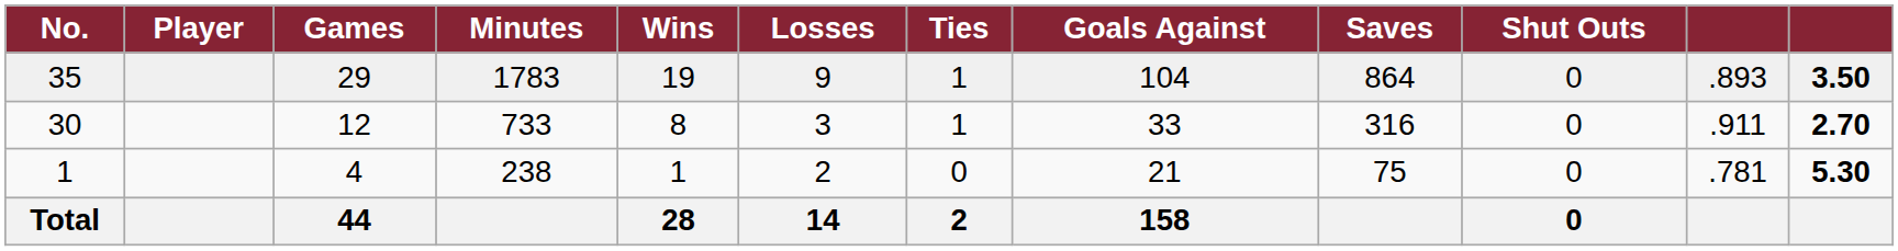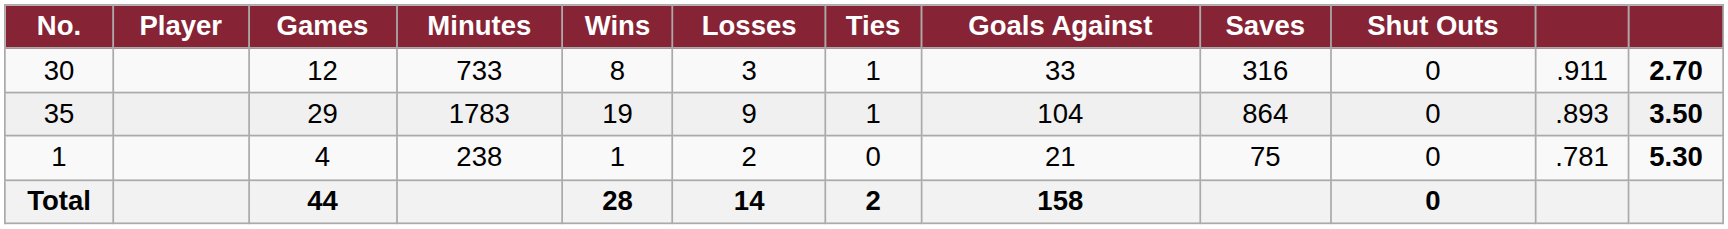 <table class="wikitable sortable" width ="1000">
 <tr align="center">
 <th style="color:white; background:#862334; ">No.</th>
 <th style="color:white; background:#862334; ">Player</th>
 <th style="color:white; background:#862334; ">Games</th>
 <th style="color:white; background:#862334; ">Minutes</th>
 <th style="color:white; background:#862334; ">Wins</th>
 <th style="color:white; background:#862334; ">Losses</th>
 <th style="color:white; background:#862334; ">Ties</th>
 <th style="color:white; background:#862334; ">Goals Against</th>
 <th style="color:white; background:#862334; ">Saves</th>
 <th style="color:white; background:#862334; ">Shut Outs</th>
 <th style="color:white; background:#862334; "><a href='#'></a></th>
 <th style="color:white; background:#862334; "><a href='#'></a></th>
 </tr>
+<tr align="center">
+<td>30</td>
+<td></td>
+<td>12</td>
+<td>733</td>
+<td>8</td>
+<td>3</td>
+<td>1</td>
+<td>33</td>
+<td>316</td>
+<td>0</td>
+<td>.911</td>
+<td><strong>2.70</strong></td>
+</tr>
 <tr align="center" bgcolor="#f0f0f0">
 <td>35</td>
 <td></td>
 <td>29</td>
 <td>1783</td>
 <td>19</td>
 <td>9</td>
 <td>1</td>
 <td>104</td>
 <td>864</td>
 <td>0</td>
 <td>.893</td>
 <td><strong>3.50</strong></td>
-</tr>
-<tr align="center">
-<td>30</td>
-<td></td>
-<td>12</td>
-<td>733</td>
-<td>8</td>
-<td>3</td>
-<td>1</td>
-<td>33</td>
-<td>316</td>
-<td>0</td>
-<td>.911</td>
-<td><strong>2.70</strong></td>
 </tr>
 <tr align="center">
 <td>1</td>
 <td></td>
 <td>4</td>
 <td>238</td>
 <td>1</td>
 <td>2</td>
 <td>0</td>
 <td>21</td>
 <td>75</td>
 <td>0</td>
 <td>.781</td>
 <td><strong>5.30</strong></td>
 </tr>
 <tr>
 <th>Total</th>
 <th></th>
 <th>44</th>
 <th></th>
 <th>28</th>
 <th>14</th>
 <th>2</th>
 <th>158</th>
 <th></th>
 <th>0</th>
 <th></th>
 <th></th>
 </tr>
 </table>
